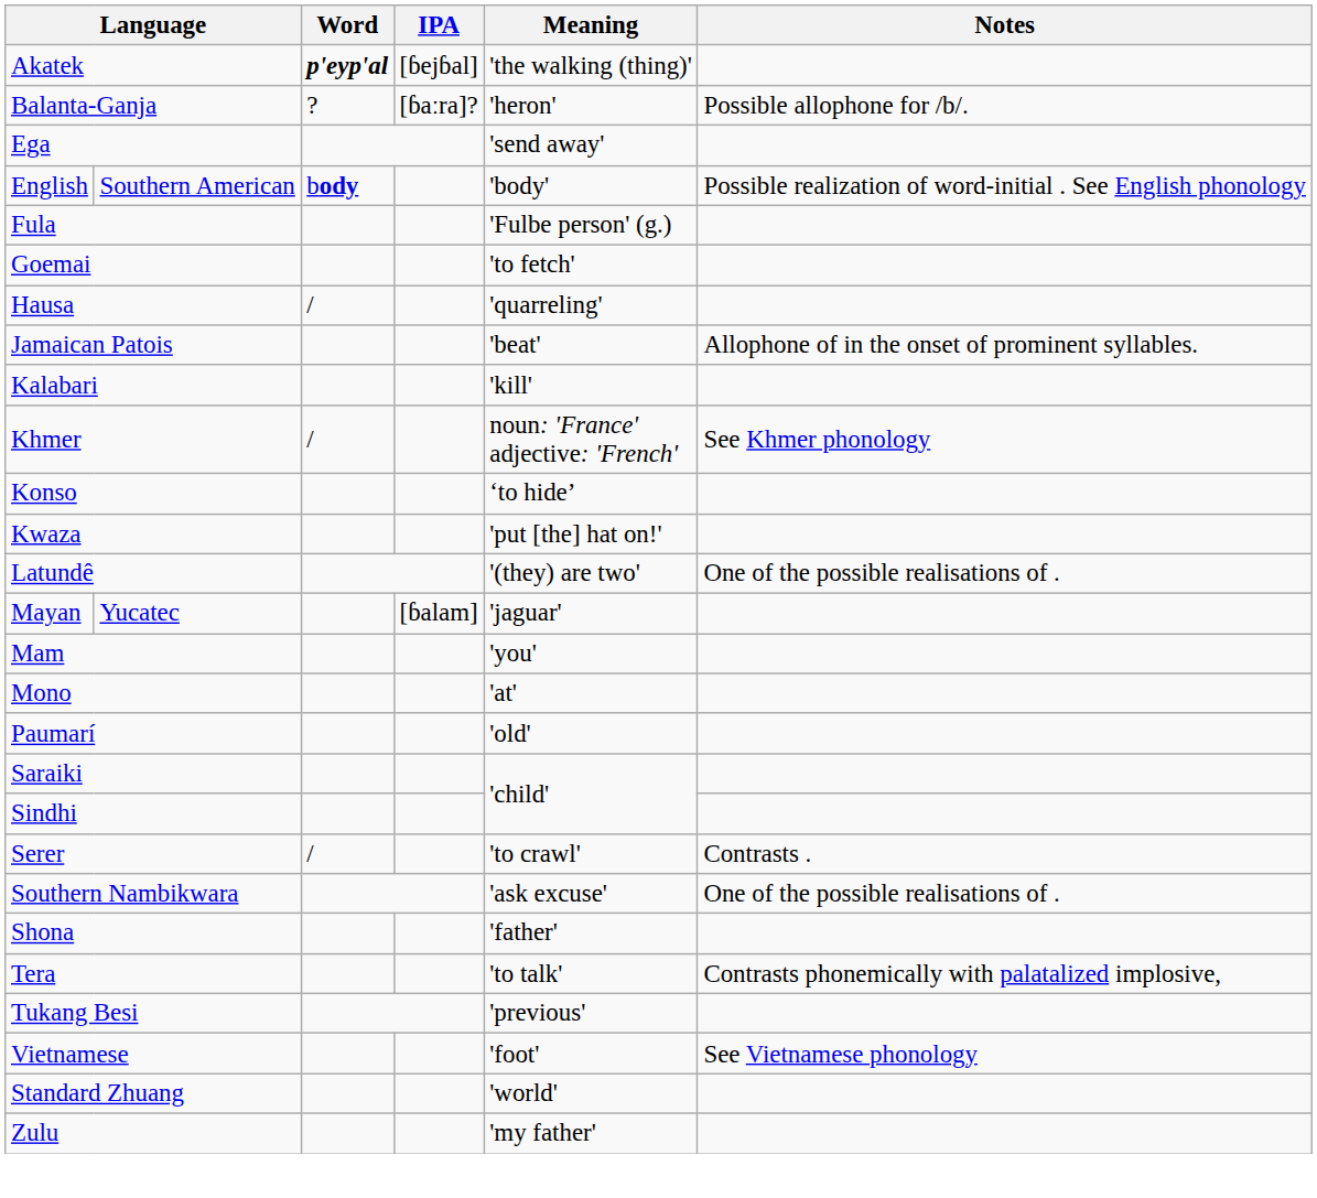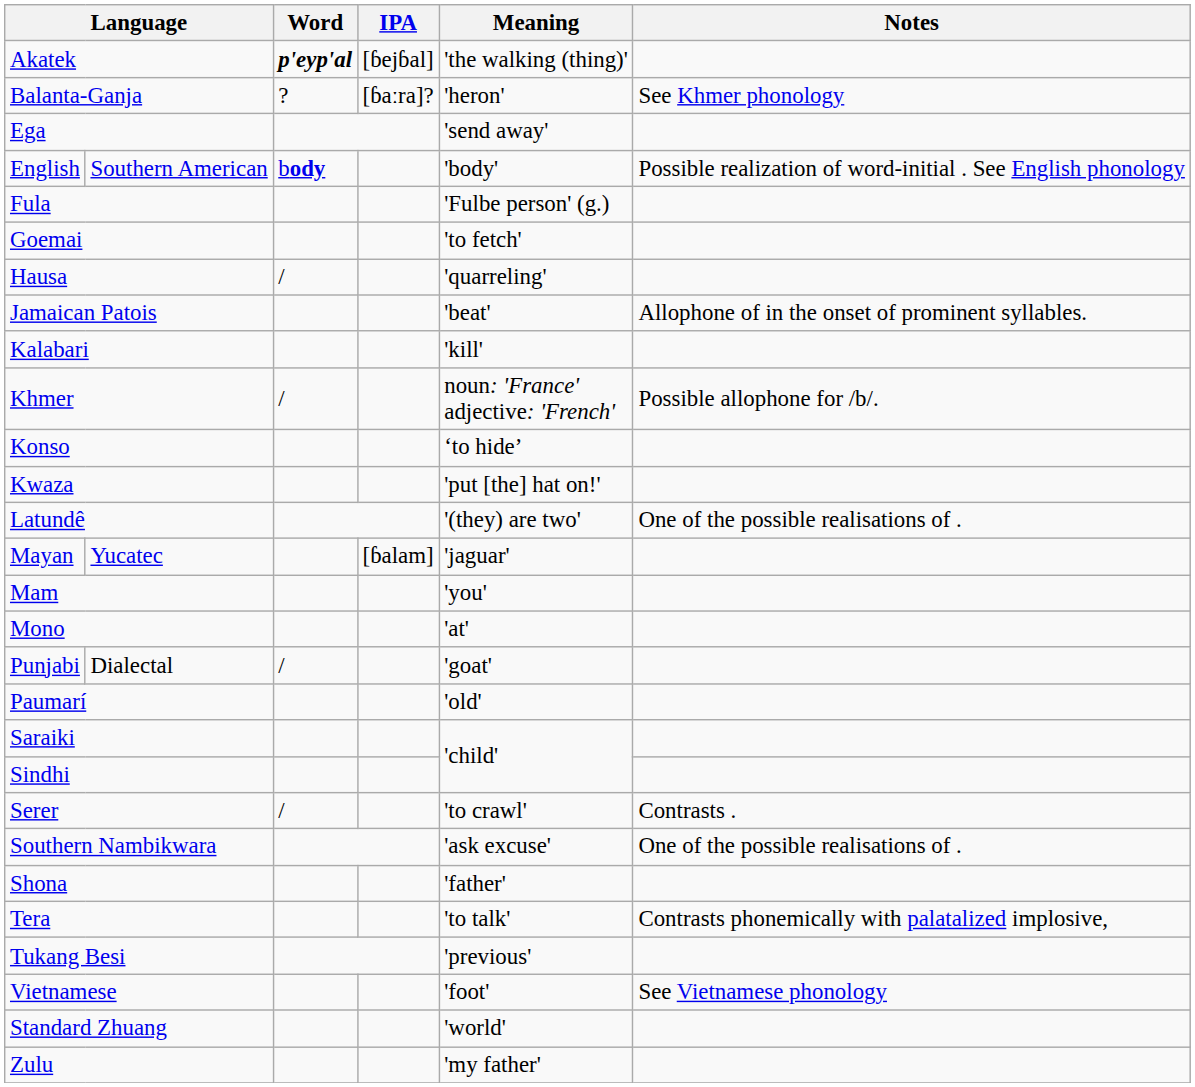 <table class="wikitable">
 <tr>
 <th colspan="2">Language</th>
 <th>Word</th>
 <th><a href='#'>IPA</a></th>
 <th>Meaning</th>
 <th>Notes</th>
 </tr>
 <tr>
 <td colspan="2"><a href='#'>Akatek</a></td>
 <td><strong><em>p'<strong>ey</strong>p'<strong>al<em></td>
 <td>[ɓejɓal]</td>
 <td>'the walking (thing)'</td>
 <td></td>
 </tr>
 <tr>
 <td colspan="2"><a href='#'>Balanta-Ganja</a></td>
 <td>?</td>
 <td>[ɓaːra]?</td>
 <td>'heron'</td>
-<td>Possible allophone for /b/.</td>
+<td>See <a href='#'>Khmer phonology</a></td>
 </tr>
 <tr>
 <td colspan="2"><a href='#'>Ega</a></td>
 <td colspan="2" align="center"></td>
 <td>'send away'</td>
 <td></td>
 </tr>
 <tr>
 <td><a href='#'>English</a></td>
 <td><a href='#'>Southern American</a></td>
 <td></em><a href='#'></strong>b<strong>ody</a><em></td>
 <td></td>
 <td>'body'</td>
 <td>Possible realization of word-initial . See <a href='#'>English phonology</a></td>
 </tr>
 <tr>
 <td colspan="2"><a href='#'>Fula</a></td>
 <td><br></td>
 <td></td>
 <td>'Fulbe person' (g.)</td>
 <td></td>
 </tr>
 <tr>
 <td colspan="2"><a href='#'>Goemai</a></td>
 <td></td>
 <td></td>
 <td>'to fetch'</td>
 <td></td>
 </tr>
 <tr>
 <td colspan="2"><a href='#'>Hausa</a></td>
 <td> / </td>
 <td></td>
 <td>'quarreling'</td>
 <td></td>
 </tr>
 <tr>
 <td colspan="2"><a href='#'>Jamaican Patois</a></td>
 <td></td>
 <td></td>
 <td>'beat'</td>
 <td>Allophone of  in the onset of prominent syllables.</td>
 </tr>
 <tr>
 <td colspan="2"><a href='#'>Kalabari</a></td>
 <td></td>
 <td></td>
 <td>'kill'</td>
 <td></td>
 </tr>
 <tr>
 <td colspan="2"><a href='#'>Khmer</a></td>
 <td>/</td>
 <td></td>
 <td></em>noun<em>: 'France'<br></em>adjective<em>: 'French'</td>
-<td>See <a href='#'>Khmer phonology</a></td>
+<td>Possible allophone for /b/.</td>
 </tr>
 <tr>
 <td colspan="2"><a href='#'>Konso</a></td>
 <td></td>
 <td></td>
 <td>‘to hide’</td>
 <td></td>
 </tr>
 <tr>
 <td colspan="2"><a href='#'>Kwaza</a></td>
 <td></td>
 <td></td>
 <td>'put [the] hat on!'</td>
 <td></td>
 </tr>
 <tr>
 <td colspan="2"><a href='#'>Latundê</a></td>
 <td colspan="2" align="center"></td>
 <td>'(they) are two'</td>
 <td>One of the possible realisations of .</td>
 </tr>
 <tr>
 <td><a href='#'>Mayan</a></td>
 <td><a href='#'>Yucatec</a></td>
 <td></td>
 <td>[ɓalam]</td>
 <td>'jaguar'</td>
 <td></td>
 </tr>
 <tr>
 <td colspan="2"><a href='#'>Mam</a></td>
 <td></td>
 <td></td>
 <td>'you'</td>
 <td></td>
 </tr>
 <tr>
 <td colspan="2"><a href='#'>Mono</a></td>
 <td></td>
 <td></td>
 <td>'at'</td>
+<td></td>
+</tr>
+<tr>
+<td><a href='#'>Punjabi</a></td>
+<td>Dialectal</td>
+<td> / </td>
+<td></td>
+<td>'goat'</td>
 <td></td>
 </tr>
 <tr>
 <td colspan="2'"><a href='#'>Paumarí</a></td>
 <td></td>
 <td></td>
 <td>'old'</td>
 </tr>
 <tr>
 <td colspan="2"><a href='#'>Saraiki</a></td>
 <td></td>
 <td></td>
 <td rowspan="2">'child'</td>
 <td></td>
 </tr>
 <tr>
 <td colspan="2"><a href='#'>Sindhi</a></td>
 <td></td>
 <td></td>
 <td></td>
 </tr>
 <tr>
 <td colspan="2"><a href='#'>Serer</a></td>
 <td>/ </td>
 <td></td>
 <td>'to crawl'</td>
 <td>Contrasts .</td>
 </tr>
 <tr>
 <td colspan="2"><a href='#'>Southern Nambikwara</a></td>
 <td colspan="2" align="center"></td>
 <td>'ask excuse'</td>
 <td>One of the possible realisations of .</td>
 </tr>
 <tr>
 <td colspan="2"><a href='#'>Shona</a></td>
 <td></td>
 <td></td>
 <td>'father'</td>
 <td></td>
 </tr>
 <tr>
 <td colspan="2"><a href='#'>Tera</a></td>
 <td></td>
 <td></td>
 <td>'to talk'</td>
 <td>Contrasts phonemically with <a href='#'>palatalized</a> implosive, </td>
 </tr>
 <tr>
 <td colspan="2"><a href='#'>Tukang Besi</a></td>
 <td colspan=2 align=center></td>
 <td>'previous'</td>
 <td></td>
 </tr>
 <tr>
 <td colspan="2"><a href='#'>Vietnamese</a></td>
 <td></td>
 <td></td>
 <td>'foot'</td>
 <td>See <a href='#'>Vietnamese phonology</a></td>
 </tr>
 <tr>
 <td colspan="2"><a href='#'>Standard Zhuang</a></td>
 <td></td>
 <td></td>
 <td>'world'</td>
 <td></td>
 </tr>
 <tr>
 <td colspan="2"><a href='#'>Zulu</a></td>
 <td></td>
 <td></td>
 <td>'my father'</td>
 <td></td>
 </tr>
 </table>
